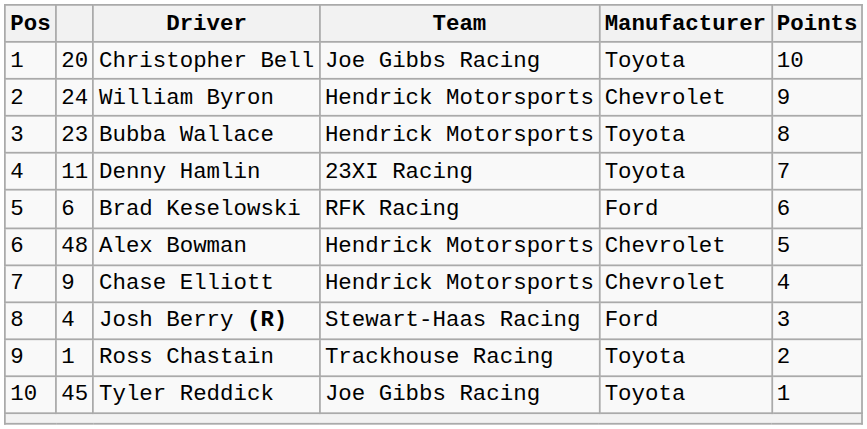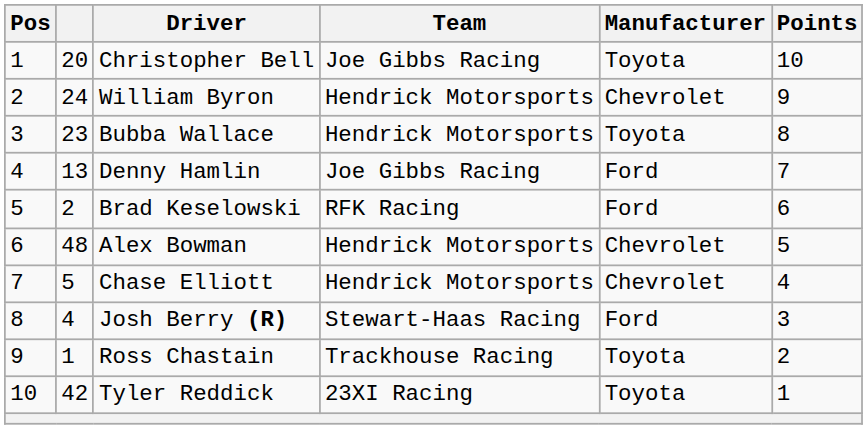 <table class="wikitable" style="font-size:98%">
 <tr>
 <th>Pos</th>
 <th></th>
 <th>Driver</th>
 <th>Team</th>
 <th>Manufacturer</th>
 <th>Points</th>
 </tr>
 <tr>
 <td>1</td>
 <td>20</td>
 <td>Christopher Bell</td>
 <td>Joe Gibbs Racing</td>
 <td>Toyota</td>
 <td>10</td>
 </tr>
 <tr>
 <td>2</td>
 <td>24</td>
 <td>William Byron</td>
 <td>Hendrick Motorsports</td>
 <td>Chevrolet</td>
 <td>9</td>
 </tr>
 <tr>
 <td>3</td>
 <td>23</td>
 <td>Bubba Wallace</td>
 <td>Hendrick Motorsports</td>
 <td>Toyota</td>
 <td>8</td>
 </tr>
 <tr>
 <td>4</td>
-<td>11</td>
+<td>13</td>
 <td>Denny Hamlin</td>
-<td>23XI Racing</td>
-<td>Toyota</td>
+<td>Joe Gibbs Racing</td>
+<td>Ford</td>
 <td>7</td>
 </tr>
 <tr>
 <td>5</td>
-<td>6</td>
+<td>2</td>
 <td>Brad Keselowski</td>
 <td>RFK Racing</td>
 <td>Ford</td>
 <td>6</td>
 </tr>
 <tr>
 <td>6</td>
 <td>48</td>
 <td>Alex Bowman</td>
 <td>Hendrick Motorsports</td>
 <td>Chevrolet</td>
 <td>5</td>
 </tr>
 <tr>
 <td>7</td>
-<td>9</td>
+<td>5</td>
 <td>Chase Elliott</td>
 <td>Hendrick Motorsports</td>
 <td>Chevrolet</td>
 <td>4</td>
 </tr>
 <tr>
 <td>8</td>
 <td>4</td>
 <td>Josh Berry <strong>(R)</strong></td>
 <td>Stewart-Haas Racing</td>
 <td>Ford</td>
 <td>3</td>
 </tr>
 <tr>
 <td>9</td>
 <td>1</td>
 <td>Ross Chastain</td>
 <td>Trackhouse Racing</td>
 <td>Toyota</td>
 <td>2</td>
 </tr>
 <tr>
 <td>10</td>
-<td>45</td>
+<td>42</td>
 <td>Tyler Reddick</td>
-<td>Joe Gibbs Racing</td>
+<td>23XI Racing</td>
 <td>Toyota</td>
 <td>1</td>
 </tr>
 <tr>
 <th colspan="6"></th>
 </tr>
 </table>
